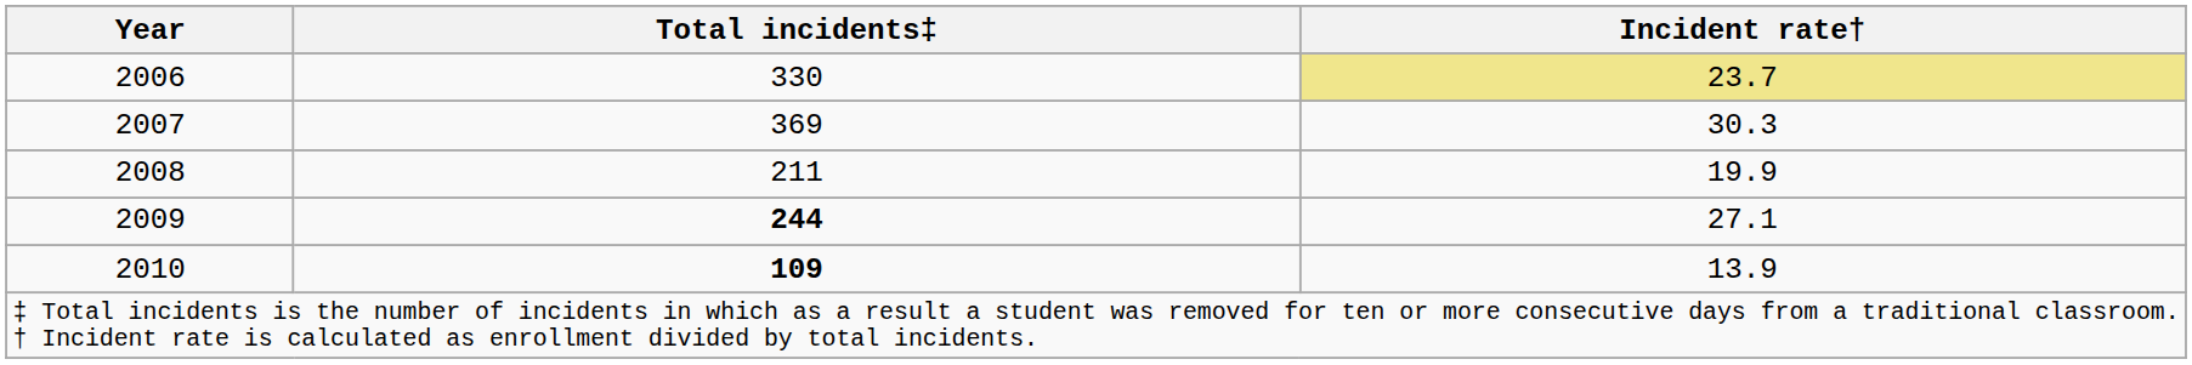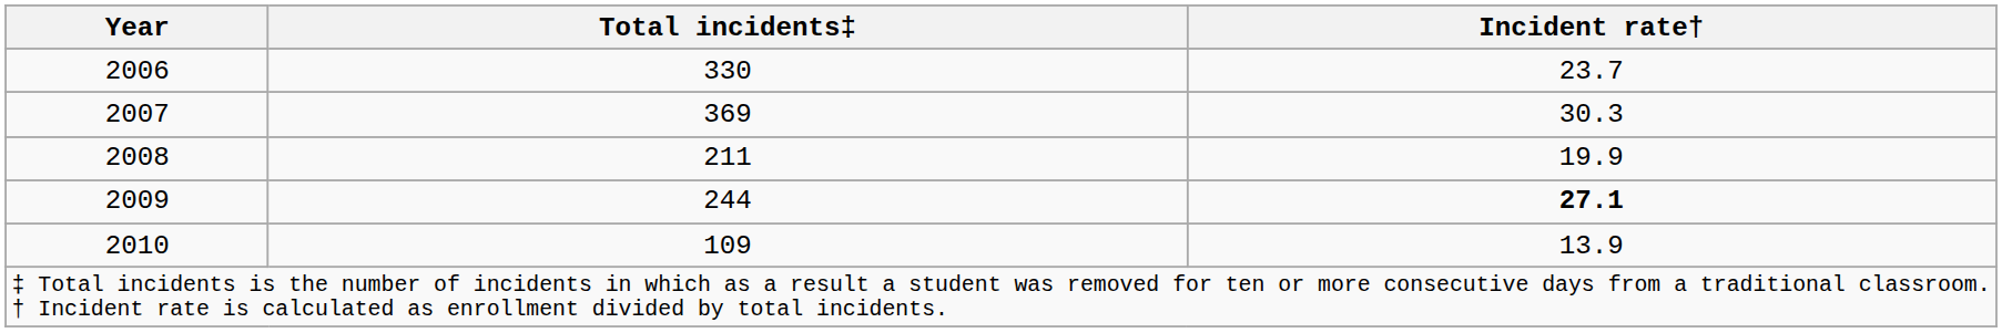 <table class="wikitable collapsible sortable" style="margin: 1em auto 1em auto;">
 <tr align="center">
 <th>Year</th>
 <th>Total incidents‡</th>
 <th>Incident rate†</th>
 </tr>
 <tr align="center">
 <td>2006</td>
 <td>330</td>
-<td style="background: khaki;">23.7</td>
+<td>23.7</td>
 </tr>
 <tr align="center">
 <td>2007</td>
 <td>369</td>
 <td>30.3</td>
 </tr>
 <tr align="center">
 <td>2008</td>
 <td>211</td>
 <td>19.9</td>
 </tr>
 <tr align="center">
 <td>2009</td>
-<td><strong>244</strong></td>
-<td>27.1</td>
+<td>244</td>
+<td><strong>27.1</strong></td>
 </tr>
 <tr align="center">
 <td>2010</td>
-<td><strong>109</strong></td>
+<td>109</td>
 <td>13.9</td>
 </tr>
 <tr class="sortbottom">
 <td colspan="4" style="font-size: 8pt">‡ Total incidents is the number of incidents in which as a result a student was removed for ten or more consecutive days from a traditional classroom. <br> † Incident rate is calculated as enrollment divided by total incidents.</td>
 </tr>
 </table>
